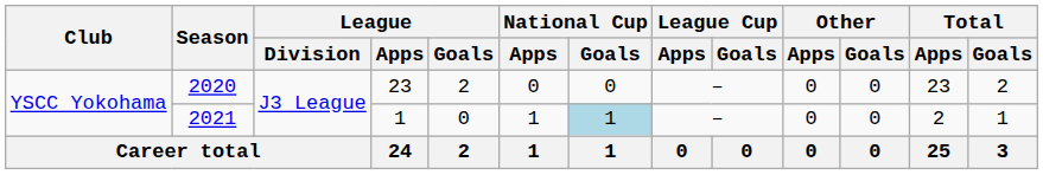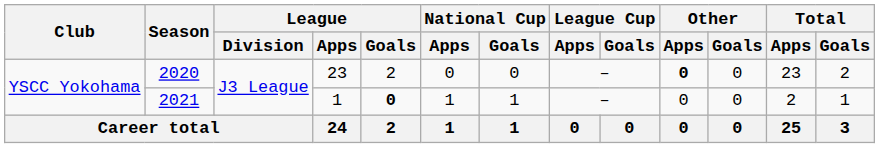 <table class="wikitable" style="text-align: center">
 <tr>
 <th rowspan="2">Club</th>
 <th rowspan="2">Season</th>
 <th colspan="3">League</th>
 <th colspan="2">National Cup</th>
 <th colspan="2">League Cup</th>
 <th colspan="2">Other</th>
 <th colspan="2">Total</th>
 </tr>
 <tr>
 <th>Division</th>
 <th>Apps</th>
 <th>Goals</th>
 <th>Apps</th>
 <th>Goals</th>
 <th>Apps</th>
 <th>Goals</th>
 <th>Apps</th>
 <th>Goals</th>
 <th>Apps</th>
 <th>Goals</th>
 </tr>
 <tr>
 <td rowspan="2"><a href='#'>YSCC Yokohama</a></td>
 <td><a href='#'>2020</a></td>
 <td rowspan="2"><a href='#'>J3 League</a></td>
 <td>23</td>
 <td>2</td>
 <td>0</td>
 <td>0</td>
 <td colspan="2">–</td>
-<td>0</td>
+<td><strong>0</strong></td>
 <td>0</td>
 <td>23</td>
 <td>2</td>
 </tr>
 <tr>
 <td><a href='#'>2021</a></td>
 <td>1</td>
-<td>0</td>
+<td><strong>0</strong></td>
 <td>1</td>
-<td style="background: lightblue;">1</td>
+<td>1</td>
 <td colspan="2">–</td>
 <td>0</td>
 <td>0</td>
 <td>2</td>
 <td>1</td>
 </tr>
 <tr>
 <th colspan=3>Career total</th>
 <th>24</th>
 <th>2</th>
 <th>1</th>
 <th>1</th>
 <th>0</th>
 <th>0</th>
 <th>0</th>
 <th>0</th>
 <th>25</th>
 <th>3</th>
 </tr>
 </table>
